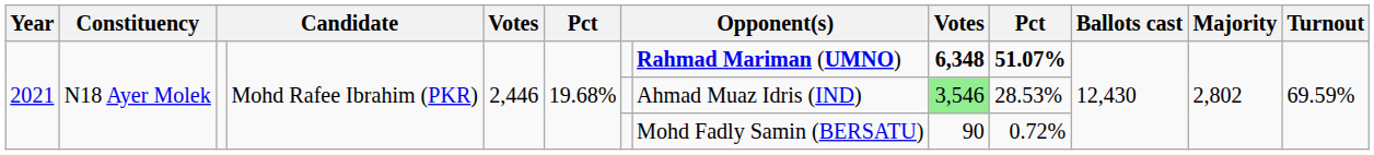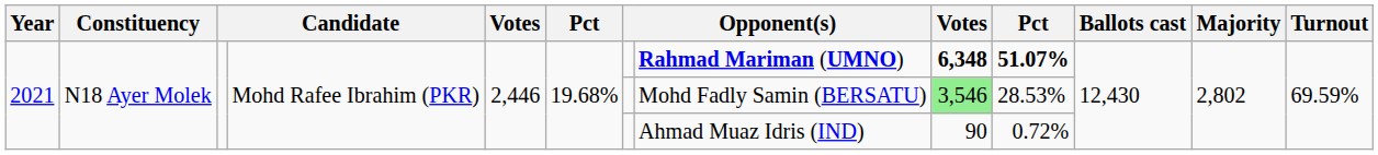 <table class="wikitable" style="margin:0.5em ; font-size:95%">
 <tr>
 <th>Year</th>
 <th>Constituency</th>
 <th colspan=2>Candidate</th>
 <th>Votes</th>
 <th>Pct</th>
 <th colspan=2>Opponent(s)</th>
 <th>Votes</th>
 <th>Pct</th>
 <th>Ballots cast</th>
 <th>Majority</th>
 <th>Turnout</th>
 </tr>
 <tr>
 <td rowspan=3><a href='#'>2021</a></td>
 <td rowspan=3>N18 <a href='#'>Ayer Molek</a></td>
 <td rowspan=3 ></td>
 <td rowspan=3>Mohd Rafee Ibrahim (<a href='#'>PKR</a>)</td>
 <td rowspan=3 align="right">2,446</td>
 <td rowspan=3>19.68%</td>
 <td></td>
 <td><strong><a href='#'>Rahmad Mariman</a></strong> (<a href='#'><strong>UMNO</strong></a>)</td>
 <td align="right"><strong>6,348</strong></td>
 <td><strong>51.07%</strong></td>
 <td rowspan=3>12,430</td>
 <td rowspan=3>2,802</td>
 <td rowspan=3>69.59%</td>
 </tr>
 <tr>
 <td bgcolor=></td>
-<td>Ahmad Muaz Idris (<a href='#'>IND</a>)</td>
+<td>Mohd Fadly Samin (<a href='#'>BERSATU</a>)</td>
 <td align="right" style="background: lightgreen;">3,546</td>
 <td>28.53%</td>
 </tr>
 <tr>
 <td></td>
-<td>Mohd Fadly Samin (<a href='#'>BERSATU</a>)</td>
+<td>Ahmad Muaz Idris (<a href='#'>IND</a>)</td>
 <td align=right>90</td>
 <td align=right>0.72%</td>
 </tr>
 </table>
